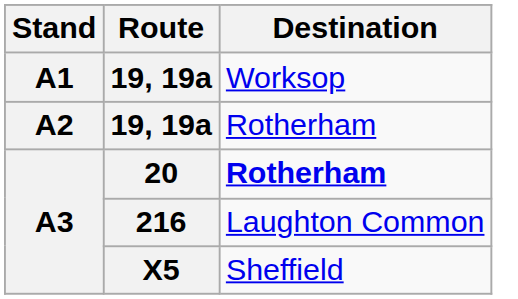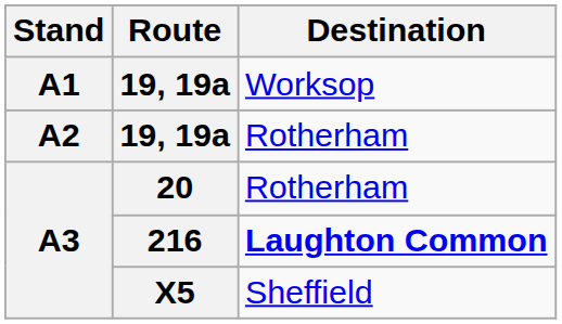 <table class="wikitable">
 <tr>
 <th><strong>Stand</strong></th>
 <th><strong>Route</strong></th>
 <th><strong>Destination</strong></th>
 </tr>
 <tr>
 <th>A1</th>
 <th>19, 19a</th>
 <td><a href='#'>Worksop</a>    </td>
 </tr>
 <tr>
 <th>A2</th>
 <th>19, 19a</th>
 <td><a href='#'>Rotherham</a>     </td>
 </tr>
 <tr>
 <th rowspan="3">A3</th>
 <th>20</th>
-<td><strong><a href='#'>Rotherham</a>     </strong></td>
+<td><a href='#'>Rotherham</a>     </td>
 </tr>
 <tr>
 <th>216</th>
-<td><a href='#'>Laughton Common</a>  </td>
+<td><strong><a href='#'>Laughton Common</a>  </strong></td>
 </tr>
 <tr>
 <th>X5</th>
 <td><a href='#'>Sheffield</a>     </td>
 </tr>
 </table>
